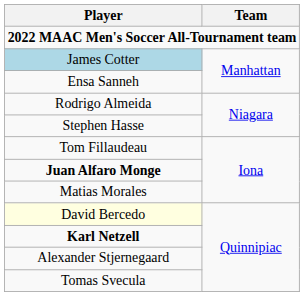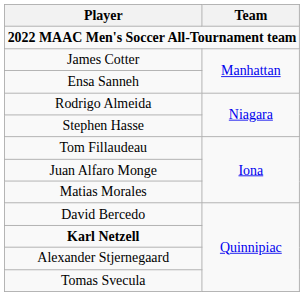 <table class="wikitable" style="white-space:nowrap; text-align: center;">
 <tr>
 <th>Player</th>
 <th>Team</th>
 </tr>
 <tr>
 <td colspan="2"><strong>2022 MAAC Men's Soccer All-Tournament team</strong></td>
 </tr>
 <tr>
-<td style="background: lightblue;">James Cotter</td>
+<td>James Cotter</td>
 <td rowspan=2><a href='#'>Manhattan</a></td>
 </tr>
 <tr>
 <td>Ensa Sanneh</td>
 </tr>
 <tr>
 <td>Rodrigo Almeida</td>
 <td rowspan=2><a href='#'>Niagara</a></td>
 </tr>
 <tr>
 <td>Stephen Hasse</td>
 </tr>
 <tr>
 <td>Tom Fillaudeau</td>
 <td rowspan=3><a href='#'>Iona</a></td>
 </tr>
 <tr>
-<td><strong>Juan Alfaro Monge</strong></td>
+<td>Juan Alfaro Monge</td>
 </tr>
 <tr>
 <td>Matias Morales</td>
 </tr>
 <tr>
-<td style="background: lightyellow;">David Bercedo</td>
+<td>David Bercedo</td>
 <td rowspan=4><a href='#'>Quinnipiac</a></td>
 </tr>
 <tr>
 <td><strong>Karl Netzell</strong></td>
 </tr>
 <tr>
 <td>Alexander Stjernegaard</td>
 </tr>
 <tr>
 <td>Tomas Svecula</td>
 </tr>
 </table>
